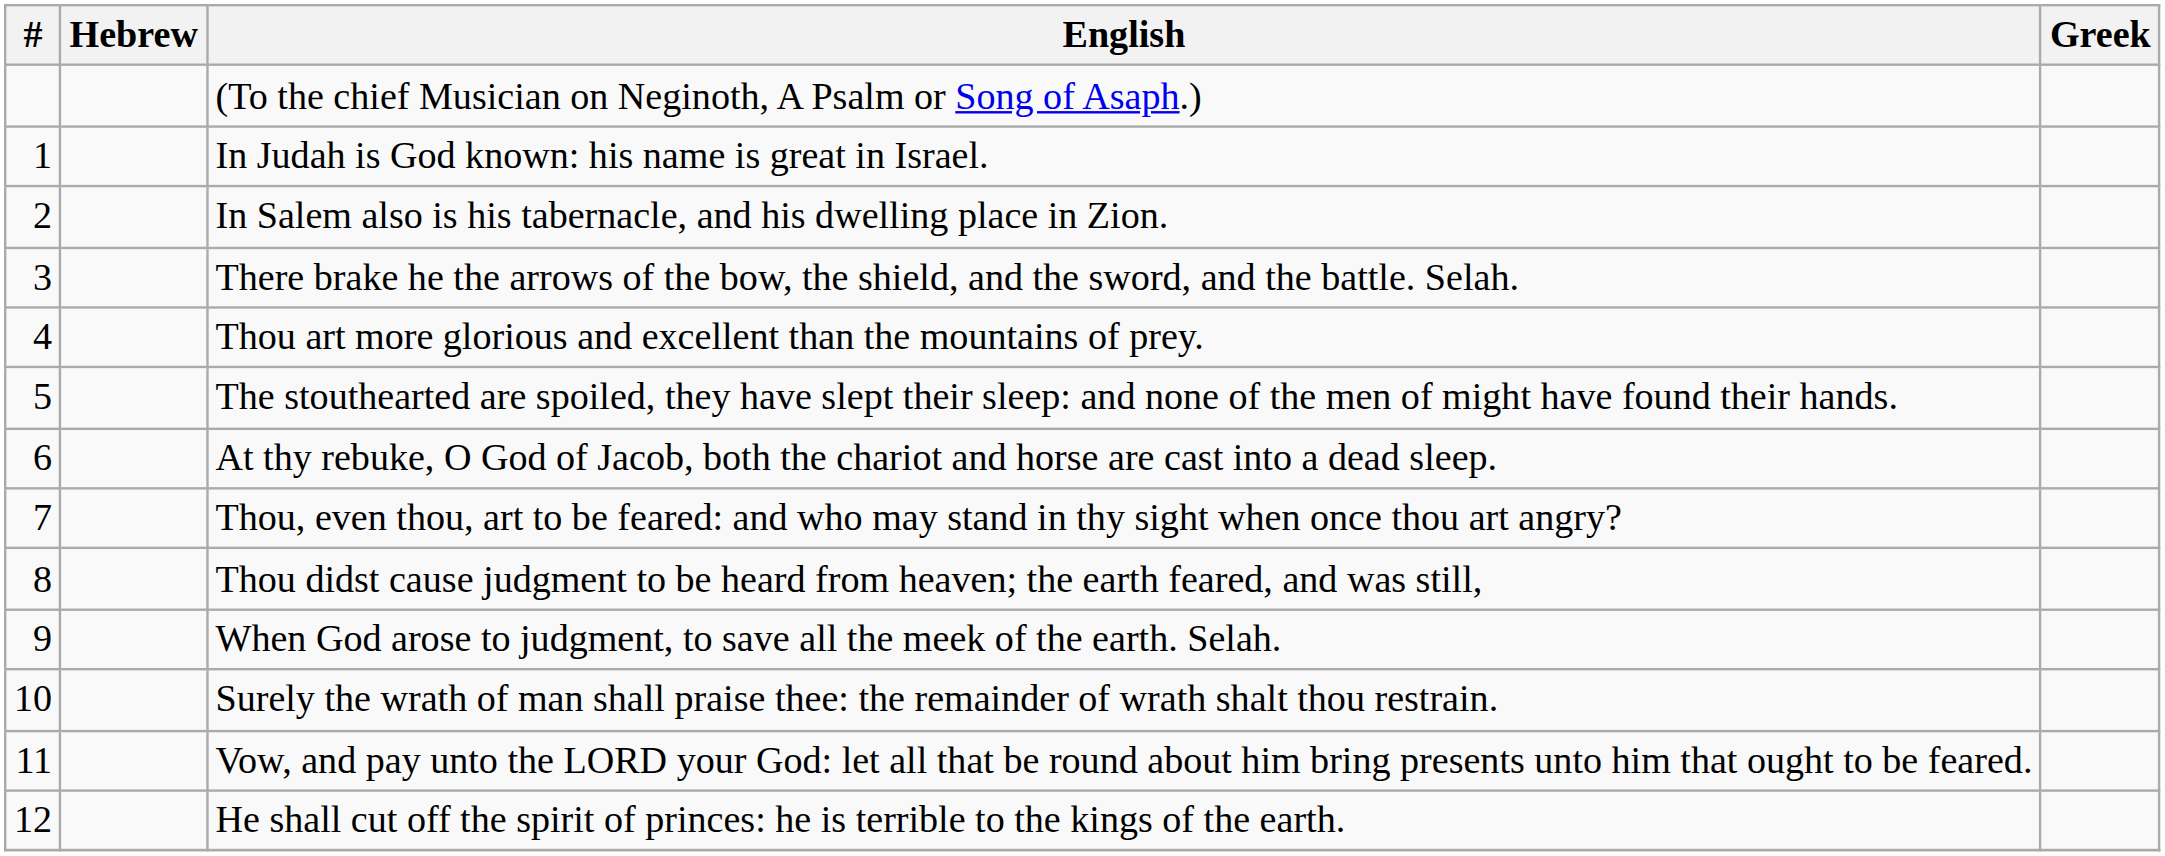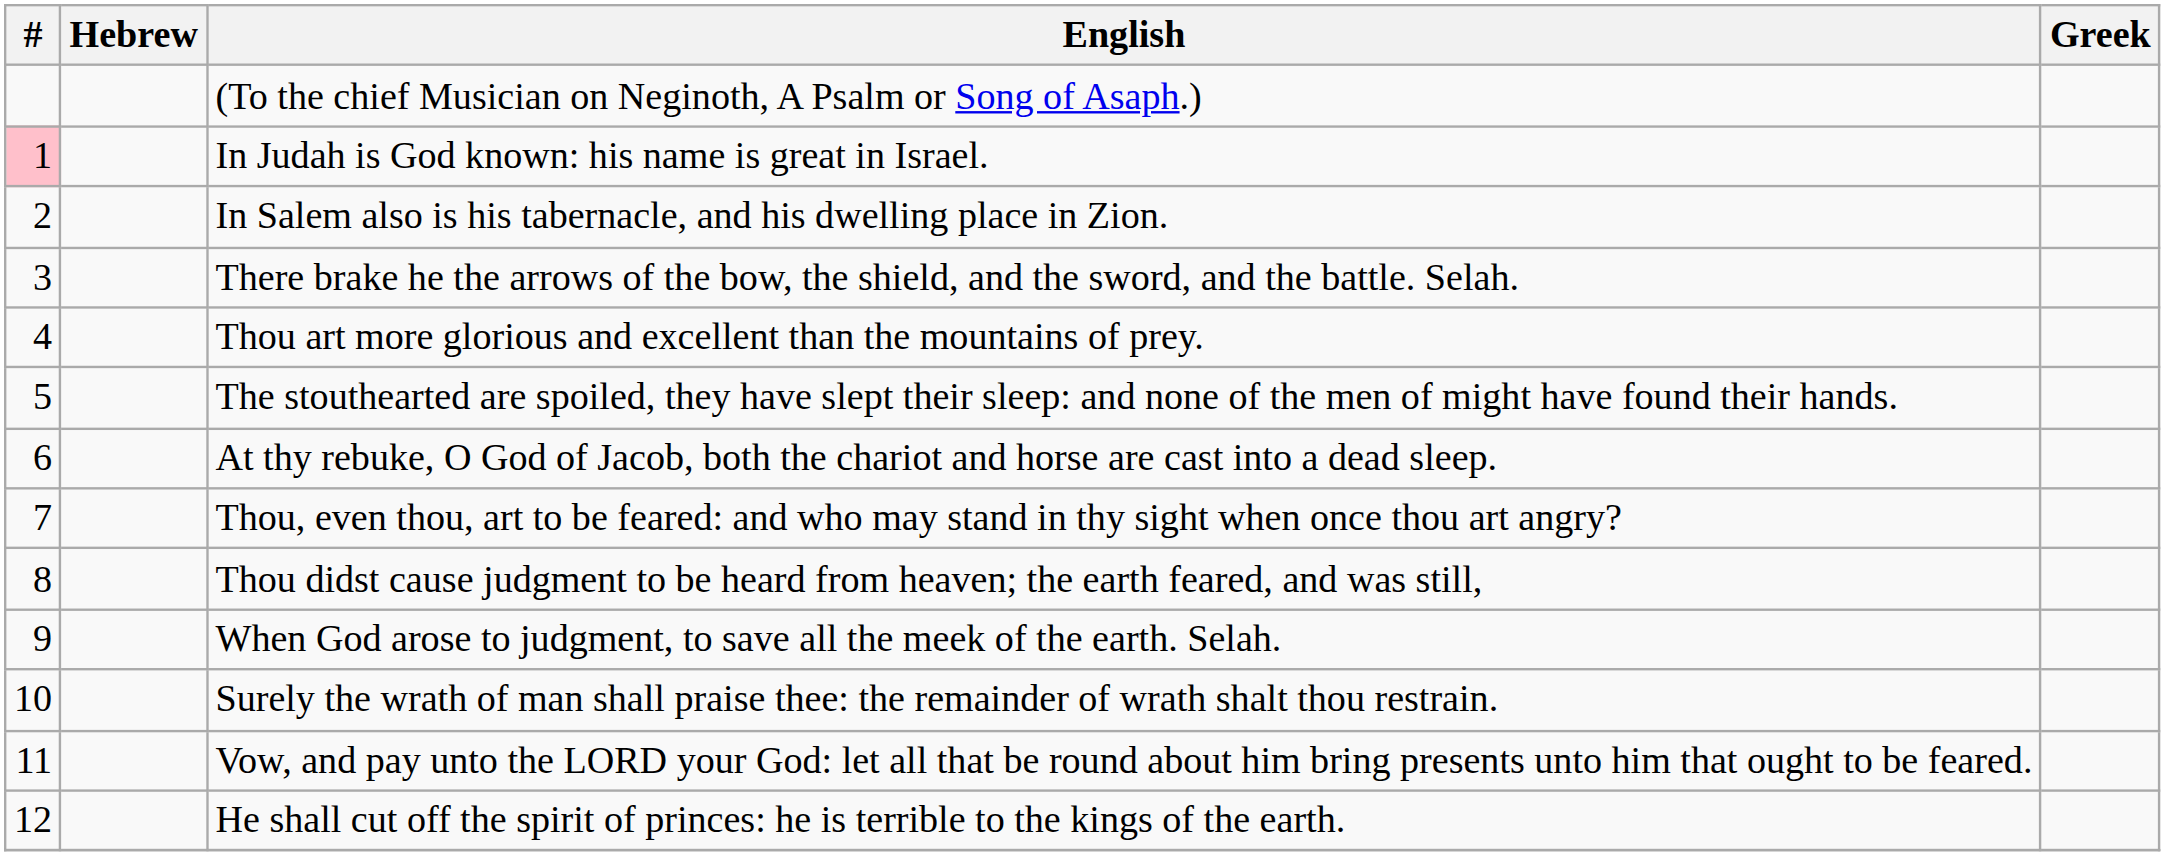 <table class=wikitable>
 <tr>
 <th>#</th>
 <th>Hebrew</th>
 <th>English</th>
 <th>Greek</th>
 </tr>
 <tr>
 <td style="text-align:right"></td>
 <td style="text-align:right"></td>
 <td>(To the chief Musician on Neginoth, A Psalm or <a href='#'>Song of Asaph</a>.)</td>
 <td></td>
 </tr>
 <tr>
-<td style="text-align:right">1</td>
+<td style="background: pink; text-align:right">1</td>
 <td style="text-align:right"></td>
 <td>In Judah is God known: his name is great in Israel.</td>
 <td></td>
 </tr>
 <tr>
 <td style="text-align:right">2</td>
 <td style="text-align:right"></td>
 <td>In Salem also is his tabernacle, and his dwelling place in Zion.</td>
 <td></td>
 </tr>
 <tr>
 <td style="text-align:right">3</td>
 <td style="text-align:right"></td>
 <td>There brake he the arrows of the bow, the shield, and the sword, and the battle. Selah.</td>
 <td></td>
 </tr>
 <tr>
 <td style="text-align:right">4</td>
 <td style="text-align:right"></td>
 <td>Thou art more glorious and excellent than the mountains of prey.</td>
 <td></td>
 </tr>
 <tr>
 <td style="text-align:right">5</td>
 <td style="text-align:right"></td>
 <td>The stouthearted are spoiled, they have slept their sleep: and none of the men of might have found their hands.</td>
 <td></td>
 </tr>
 <tr>
 <td style="text-align:right">6</td>
 <td style="text-align:right"></td>
 <td>At thy rebuke, O God of Jacob, both the chariot and horse are cast into a dead sleep.</td>
 <td></td>
 </tr>
 <tr>
 <td style="text-align:right">7</td>
 <td style="text-align:right"></td>
 <td>Thou, even thou, art to be feared: and who may stand in thy sight when once thou art angry?</td>
 <td></td>
 </tr>
 <tr>
 <td style="text-align:right">8</td>
 <td style="text-align:right"></td>
 <td>Thou didst cause judgment to be heard from heaven; the earth feared, and was still,</td>
 <td></td>
 </tr>
 <tr>
 <td style="text-align:right">9</td>
 <td style="text-align:right"></td>
 <td>When God arose to judgment, to save all the meek of the earth. Selah.</td>
 <td></td>
 </tr>
 <tr>
 <td style="text-align:right">10</td>
 <td style="text-align:right"></td>
 <td>Surely the wrath of man shall praise thee: the remainder of wrath shalt thou restrain.</td>
 <td></td>
 </tr>
 <tr>
 <td style="text-align:right">11</td>
 <td style="text-align:right"></td>
 <td>Vow, and pay unto the LORD your God: let all that be round about him bring presents unto him that ought to be feared.</td>
 <td></td>
 </tr>
 <tr>
 <td style="text-align:right">12</td>
 <td style="text-align:right"></td>
 <td>He shall cut off the spirit of princes: he is terrible to the kings of the earth.</td>
 <td></td>
 </tr>
 <tr>
 </tr>
 </table>
